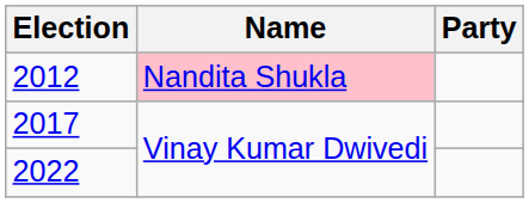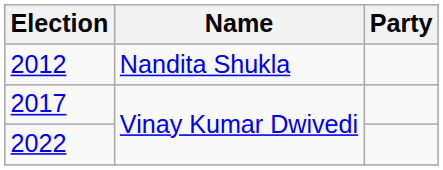 <table class="wikitable sortable">
 <tr>
 <th>Election</th>
 <th>Name</th>
 <th colspan=2>Party</th>
 </tr>
 <tr>
 <td><a href='#'>2012</a></td>
-<td style="background: pink;"><a href='#'>Nandita Shukla</a></td>
+<td><a href='#'>Nandita Shukla</a></td>
 <td></td>
 </tr>
 <tr>
 <td><a href='#'>2017</a></td>
 <td rowspan=2><a href='#'>Vinay Kumar Dwivedi</a></td>
 <td></td>
 </tr>
 <tr>
 <td><a href='#'>2022</a></td>
 </tr>
 </table>
